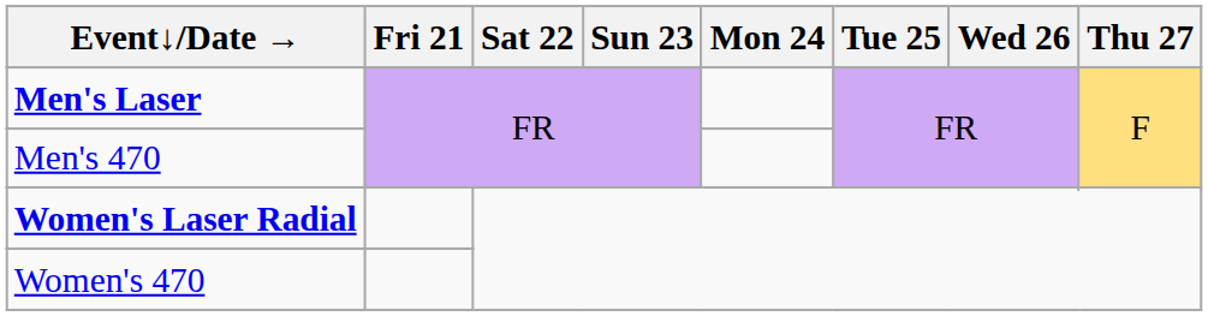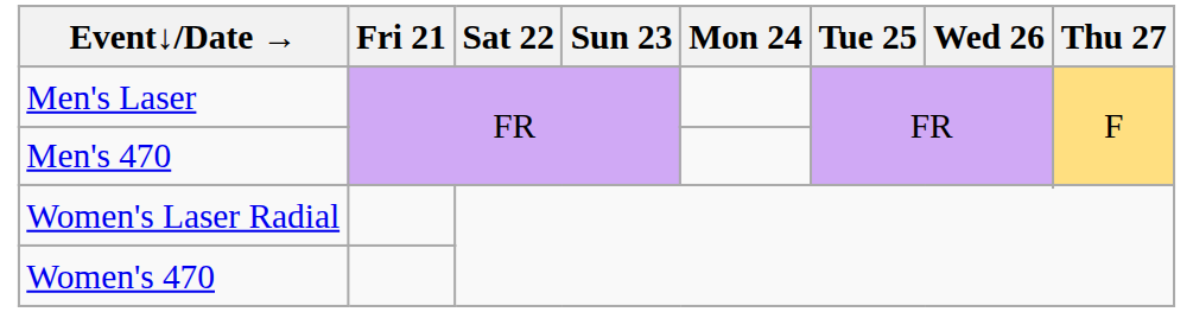 <table class="wikitable" style="margin:0.5em auto; font-size:90%; line-height:1.25em;">
 <tr align="center">
 <th>Event↓/Date →</th>
 <th>Fri 21</th>
 <th>Sat 22</th>
 <th>Sun 23</th>
 <th>Mon 24</th>
 <th>Tue 25</th>
 <th>Wed 26</th>
 <th>Thu 27</th>
 </tr>
 <tr>
 </tr>
 <tr align="center">
-<td align="left"><strong><a href='#'>Men's Laser</a></strong></td>
+<td align="left"><a href='#'>Men's Laser</a></td>
 <td rowspan="4" colspan="3" bgcolor="#D0A9F5">FR</td>
 <td></td>
 <td rowspan="4" colspan="2" bgcolor="#D0A9F5">FR</td>
 <td rowspan="4" bgcolor="#FFDF80">F</td>
 </tr>
 <tr>
 </tr>
 <tr align="center">
 <td align="left"><a href='#'>Men's 470</a></td>
 <td></td>
 </tr>
 <tr>
 </tr>
 <tr align="center">
-<td align="left"><strong><a href='#'>Women's Laser Radial</a></strong></td>
+<td align="left"><a href='#'>Women's Laser Radial</a></td>
 <td></td>
 </tr>
 <tr>
 </tr>
 <tr align="center">
 <td align="left"><a href='#'>Women's 470</a></td>
 <td></td>
 </tr>
 </table>
